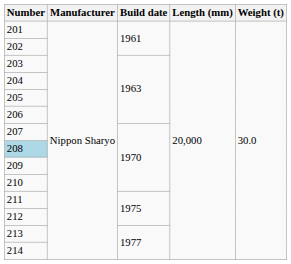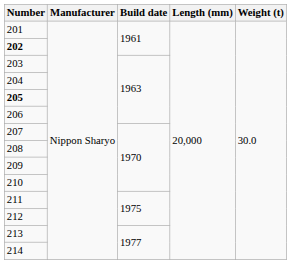 <table class="wikitable">
 <tr>
 <th>Number</th>
 <th>Manufacturer</th>
 <th>Build date</th>
 <th>Length (mm)</th>
 <th>Weight (t)</th>
 </tr>
 <tr>
 <td>201</td>
 <td rowspan = 14>Nippon Sharyo</td>
 <td rowspan = 2>1961</td>
 <td rowspan = 14>20,000</td>
 <td rowspan = 14>30.0</td>
 </tr>
 <tr>
-<td>202</td>
+<td><strong>202</strong></td>
 </tr>
 <tr>
 <td>203</td>
 <td rowspan = 4>1963</td>
 </tr>
 <tr>
 <td>204</td>
 </tr>
 <tr>
-<td>205</td>
+<td><strong>205</strong></td>
 </tr>
 <tr>
 <td>206</td>
 </tr>
 <tr>
 <td>207</td>
 <td rowspan = 4>1970</td>
 </tr>
 <tr>
-<td style="background: lightblue;">208</td>
+<td>208</td>
 </tr>
 <tr>
 <td>209</td>
 </tr>
 <tr>
 <td>210</td>
 </tr>
 <tr>
 <td>211</td>
 <td rowspan = 2>1975</td>
 </tr>
 <tr>
 <td>212</td>
 </tr>
 <tr>
 <td>213</td>
 <td rowspan = 2>1977</td>
 </tr>
 <tr>
 <td>214</td>
 </tr>
 </table>
